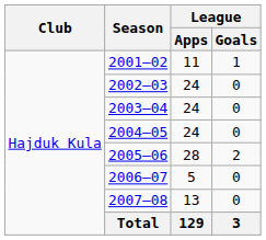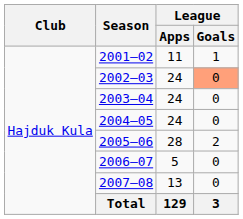 <table class="wikitable" style="text-align:center">
 <tr>
 <th rowspan="2">Club</th>
 <th rowspan="2">Season</th>
 <th colspan="2">League</th>
 </tr>
 <tr>
 <th>Apps</th>
 <th>Goals</th>
 </tr>
 <tr>
 <td rowspan="8"><a href='#'>Hajduk Kula</a></td>
 <td><a href='#'>2001–02</a></td>
 <td>11</td>
 <td>1</td>
 </tr>
 <tr>
 <td><a href='#'>2002–03</a></td>
 <td>24</td>
-<td>0</td>
+<td style="background: lightsalmon;">0</td>
 </tr>
 <tr>
 <td><a href='#'>2003–04</a></td>
 <td>24</td>
 <td>0</td>
 </tr>
 <tr>
 <td><a href='#'>2004–05</a></td>
 <td>24</td>
 <td>0</td>
 </tr>
 <tr>
 <td><a href='#'>2005–06</a></td>
 <td>28</td>
 <td>2</td>
 </tr>
 <tr>
 <td><a href='#'>2006–07</a></td>
 <td>5</td>
 <td>0</td>
 </tr>
 <tr>
 <td><a href='#'>2007–08</a></td>
 <td>13</td>
 <td>0</td>
 </tr>
 <tr>
 <th>Total</th>
 <th>129</th>
 <th>3</th>
 </tr>
 </table>
